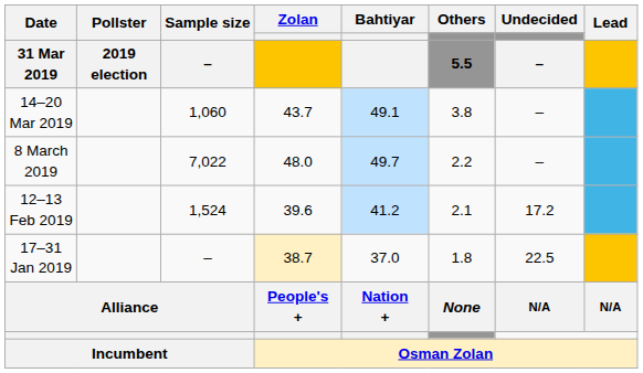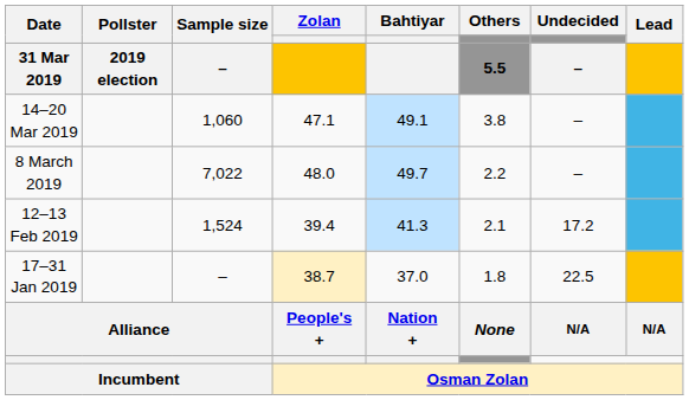 <table class="wikitable" style="text-align:center; font-size:90%; line-height:20px;">
 <tr>
 <th rowspan=2 width="150px">Date</th>
 <th rowspan=2 width="150px">Pollster</th>
 <th rowspan=2 width="85px">Sample size</th>
 <th width=150><a href='#'>Zolan</a></th>
 <th width=150>Bahtiyar</th>
 <th width=100>Others</th>
 <th width=100>Undecided</th>
 <th width=85 rowspan=2>Lead</th>
 </tr>
 <tr>
 <th style="background: "></th>
 <th style="background: "></th>
 <th style="background: #959595"></th>
 <th style="background: #959595"></th>
 </tr>
 <tr>
 <th>31 Mar 2019</th>
 <th>2019 election</th>
 <th>–</th>
 <th style="background: #fdc400"></th>
 <th style="background: "></th>
 <th style="background: #959595">5.5</th>
 <th>–</th>
 <th style="background: #fdc400"></th>
 </tr>
 <tr>
 <td>14–20 Mar 2019</td>
 <td></td>
 <td>1,060</td>
-<td>43.7</td>
+<td>47.1</td>
 <td style="background: #BFE3FF">49.1</td>
 <td>3.8</td>
 <td>–</td>
 <td style="background: #40B4E5"></td>
 </tr>
 <tr>
 <td>8 March 2019</td>
 <td></td>
 <td>7,022</td>
 <td>48.0</td>
 <td style="background: #BFE3FF">49.7</td>
 <td>2.2</td>
 <td>–</td>
 <td style="background: #40B4E5"></td>
 </tr>
 <tr>
 <td>12–13 Feb 2019</td>
 <td></td>
 <td>1,524</td>
-<td>39.6</td>
-<td style="background: #BFE3FF">41.2</td>
+<td>39.4</td>
+<td style="background: #BFE3FF">41.3</td>
 <td>2.1</td>
 <td>17.2</td>
 <td style="background: #40B4E5"></td>
 </tr>
 <tr>
 <td>17–31 Jan 2019</td>
 <td></td>
 <td>–</td>
 <td style="background: #FFF1C4">38.7</td>
 <td>37.0</td>
 <td>1.8</td>
 <td>22.5</td>
 <td style="background: #fdc400"></td>
 </tr>
 <tr>
 <th colspan=3>Alliance</th>
 <th width=150><a href='#'>People's</a><br><small></small> + <small></small></th>
 <th width=150><a href='#'>Nation</a><br><small></small> + <small></small></th>
 <th width=100><em>None</em></th>
 <th width=100><small>N/A</small></th>
 <th width=85><small>N/A</small></th>
 </tr>
 <tr>
 <th colspan=3></th>
 <th style="background: "></th>
 <th style="background: "></th>
 <th style="background: #959595"></th>
 </tr>
 <tr>
 <th colspan=3>Incumbent</th>
 <th style="background:  #FFF1C4" colspan=5><a href='#'>Osman Zolan</a> <small></small></th>
 </tr>
 </table>
